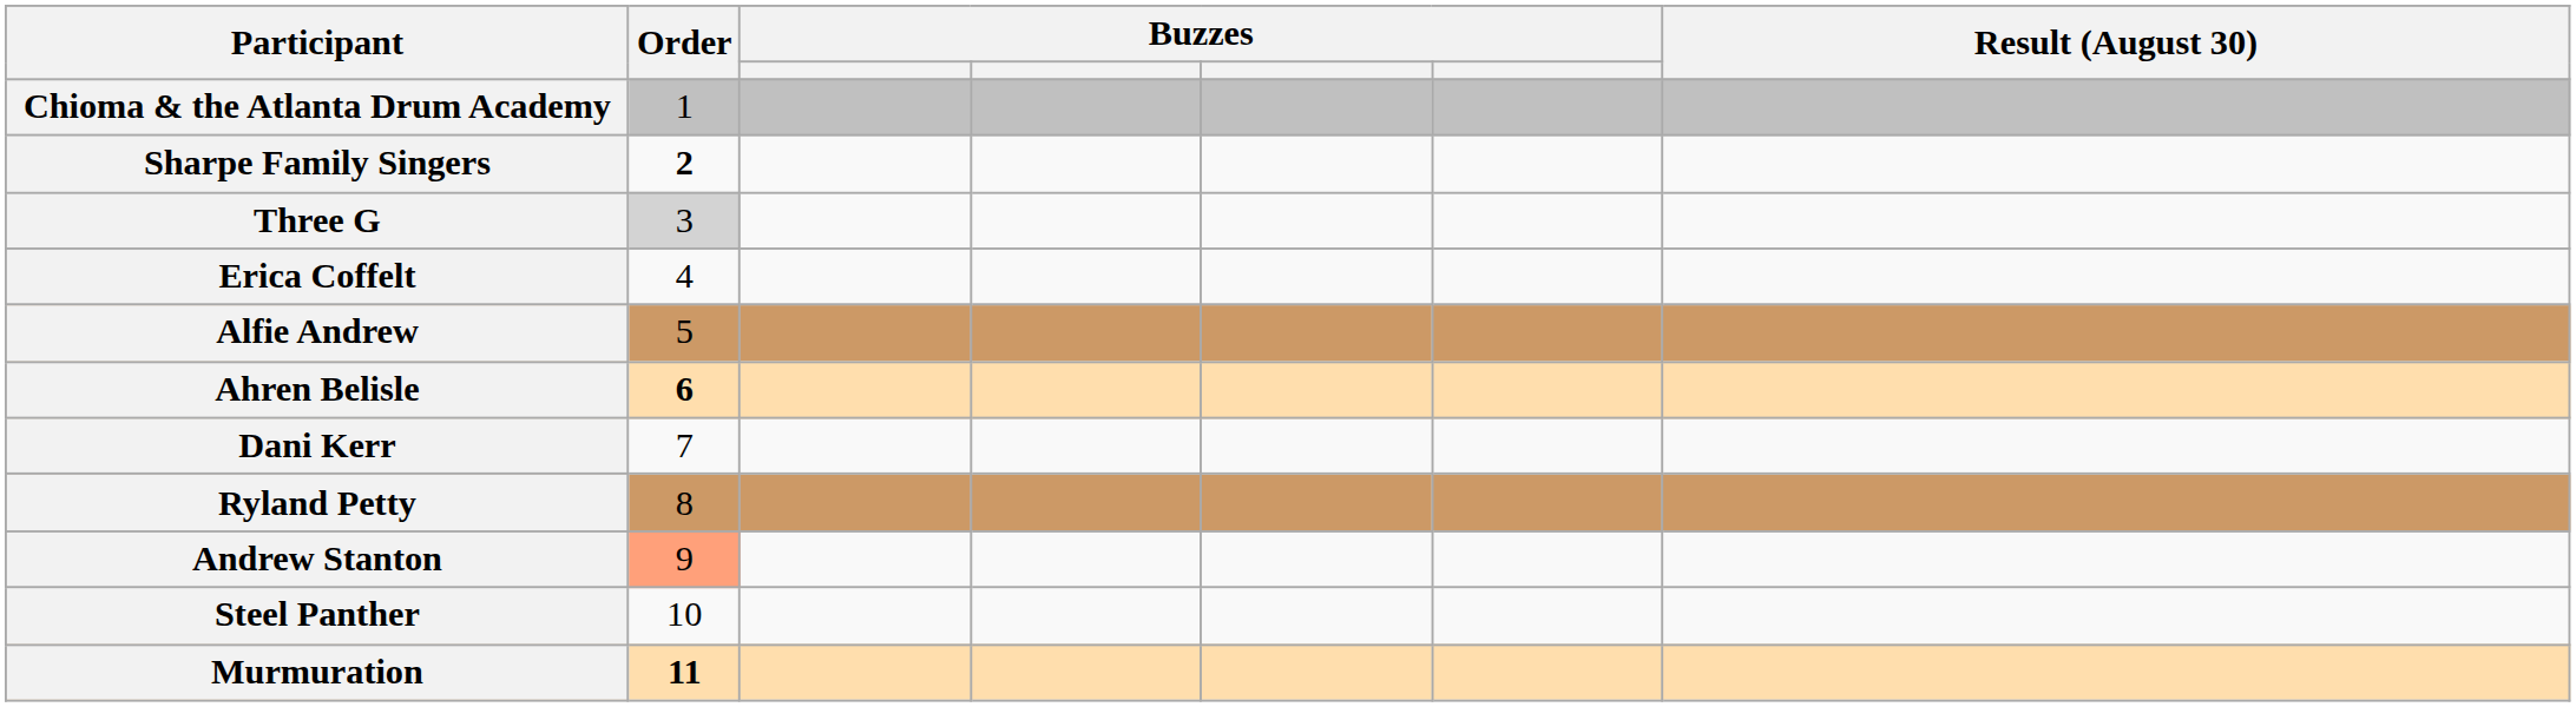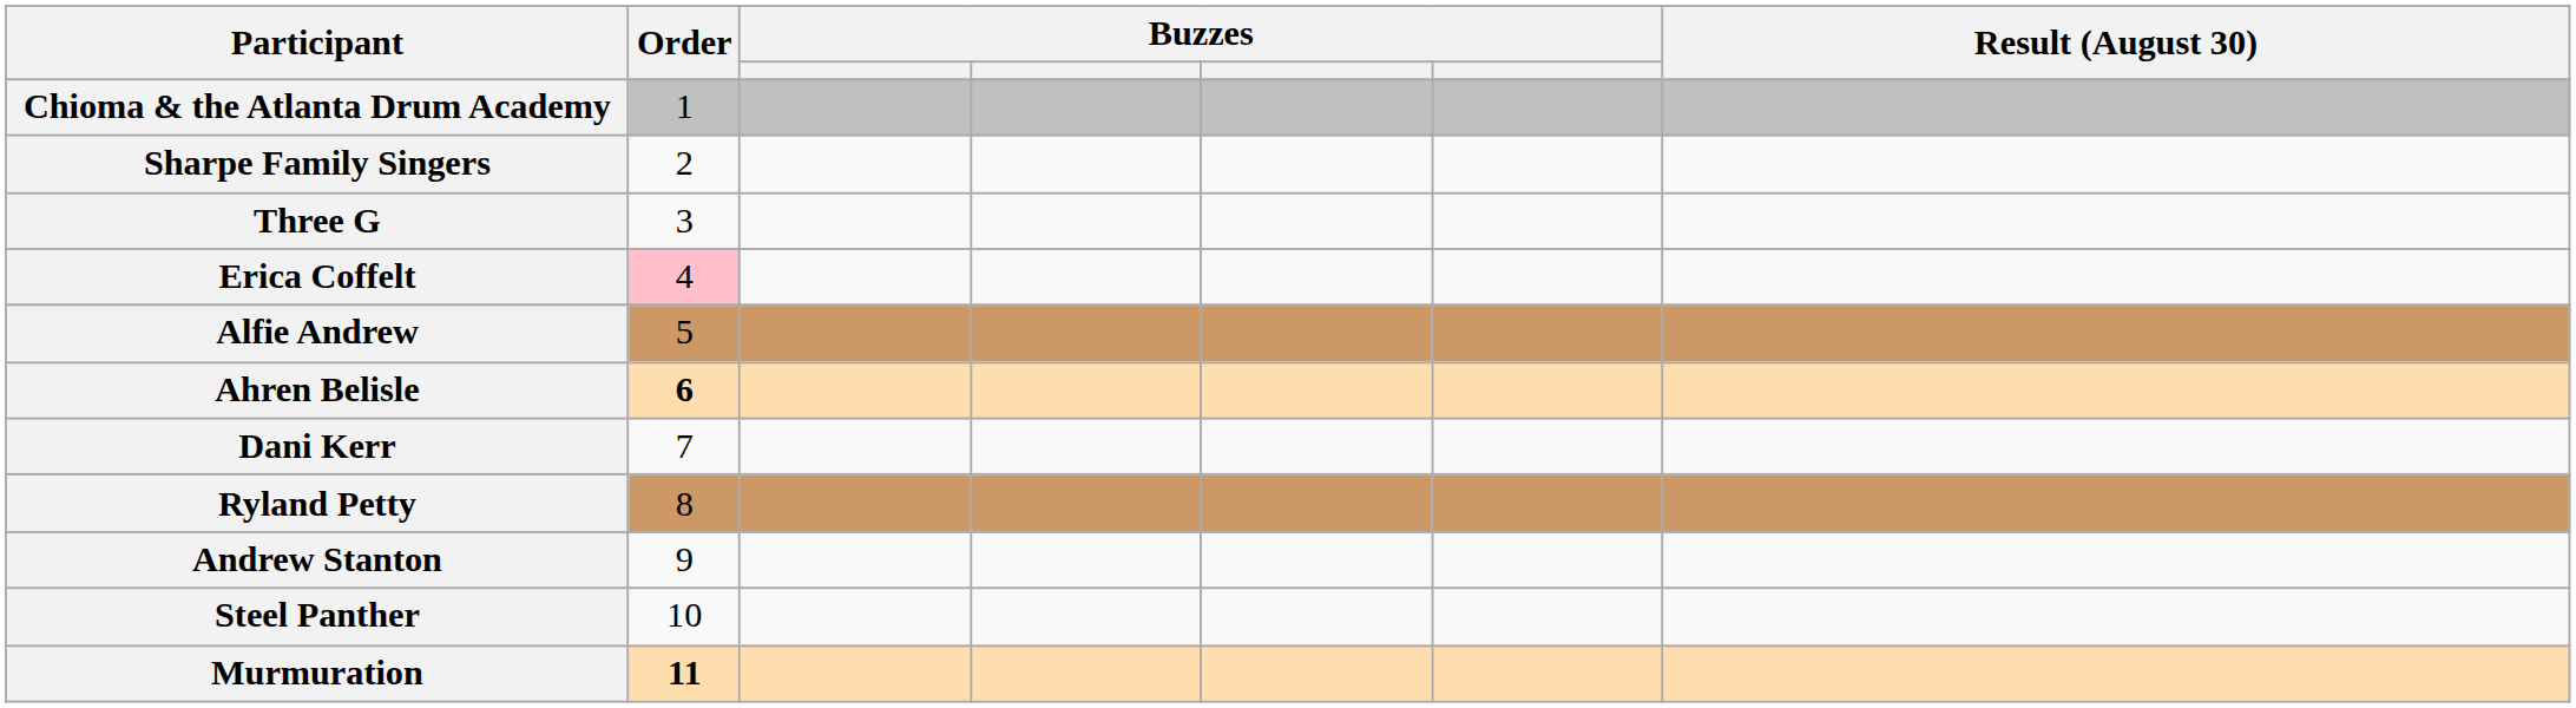 <table class="wikitable plainrowheaders sortable" style="text-align:center;">
 <tr>
 <th scope="col" rowspan="2" class="unsortable" style="width:17em;">Participant</th>
 <th scope="col" rowspan="2" style="width:1em;">Order</th>
 <th scope="col" colspan="4" class="unsortable" style="width:24em;">Buzzes</th>
 <th scope="col" rowspan="2" style="width:25em;">Result (August 30)</th>
 </tr>
 <tr>
 <th scope="col" class="unsortable" style="width:6em;"></th>
 <th scope="col" class="unsortable" style="width:6em;"></th>
 <th scope="col" class="unsortable" style="width:6em;"></th>
 <th scope="col" class="unsortable" style="width:6em;"></th>
 </tr>
 <tr bgcolor=silver>
 <th scope="row">Chioma & the Atlanta Drum Academy</th>
 <td>1</td>
 <td style="text-align:center;"></td>
 <td style="text-align:center;"></td>
 <td style="text-align:center;"></td>
 <td style="text-align:center;"></td>
 <td></td>
 </tr>
 <tr>
 <th scope="row">Sharpe Family Singers</th>
-<td><strong>2</strong></td>
+<td>2</td>
 <td style="text-align:center;"></td>
 <td style="text-align:center;"></td>
 <td style="text-align:center;"></td>
 <td style="text-align:center;"></td>
 <td></td>
 </tr>
 <tr>
 <th scope="row">Three G</th>
-<td style="background: lightgrey;">3</td>
+<td>3</td>
 <td style="text-align:center;"></td>
 <td style="text-align:center;"></td>
 <td style="text-align:center;"></td>
 <td style="text-align:center;"></td>
 <td></td>
 </tr>
 <tr>
 <th scope="row">Erica Coffelt</th>
-<td>4</td>
+<td style="background: pink;">4</td>
 <td style="text-align:center;"></td>
 <td style="text-align:center;"></td>
 <td style="text-align:center;"></td>
 <td style="text-align:center;"></td>
 <td></td>
 </tr>
 <tr bgcolor=#c96>
 <th scope="row">Alfie Andrew</th>
 <td>5</td>
 <td style="text-align:center;"></td>
 <td style="text-align:center;"></td>
 <td style="text-align:center;"></td>
 <td style="text-align:center;"></td>
 <td></td>
 </tr>
 <tr bgcolor=navajowhite>
 <th scope="row"><strong>Ahren Belisle</strong></th>
 <td><strong>6</strong></td>
 <td style="text-align:center;"></td>
 <td style="text-align:center;"></td>
 <td style="text-align:center;"></td>
 <td style="text-align:center;"></td>
 <td><strong></strong></td>
 </tr>
 <tr>
 <th scope="row">Dani Kerr</th>
 <td>7</td>
 <td style="text-align:center;"></td>
 <td style="text-align:center;"></td>
 <td style="text-align:center;"></td>
 <td style="text-align:center;"></td>
 <td></td>
 </tr>
 <tr bgcolor=#c96>
 <th scope="row">Ryland Petty</th>
 <td>8</td>
 <td style="text-align:center;"></td>
 <td style="text-align:center;"></td>
 <td style="text-align:center;"></td>
 <td style="text-align:center;"></td>
 <td></td>
 </tr>
 <tr>
 <th scope="row">Andrew Stanton</th>
-<td style="background: lightsalmon;">9</td>
+<td>9</td>
 <td style="text-align:center;"></td>
 <td style="text-align:center;"></td>
 <td style="text-align:center;"></td>
 <td style="text-align:center;"></td>
 <td></td>
 </tr>
 <tr>
 <th scope="row">Steel Panther</th>
 <td>10</td>
 <td style="text-align:center;"></td>
 <td style="text-align:center;"></td>
 <td style="text-align:center;"></td>
 <td style="text-align:center;"></td>
 <td></td>
 </tr>
 <tr bgcolor=navajowhite>
 <th scope="row"><strong>Murmuration</strong></th>
 <td><strong>11</strong></td>
 <td style="text-align:center;"></td>
 <td style="text-align:center;"></td>
 <td style="text-align:center;"></td>
 <td style="text-align:center;"></td>
 <td><strong></strong></td>
 </tr>
 </table>
